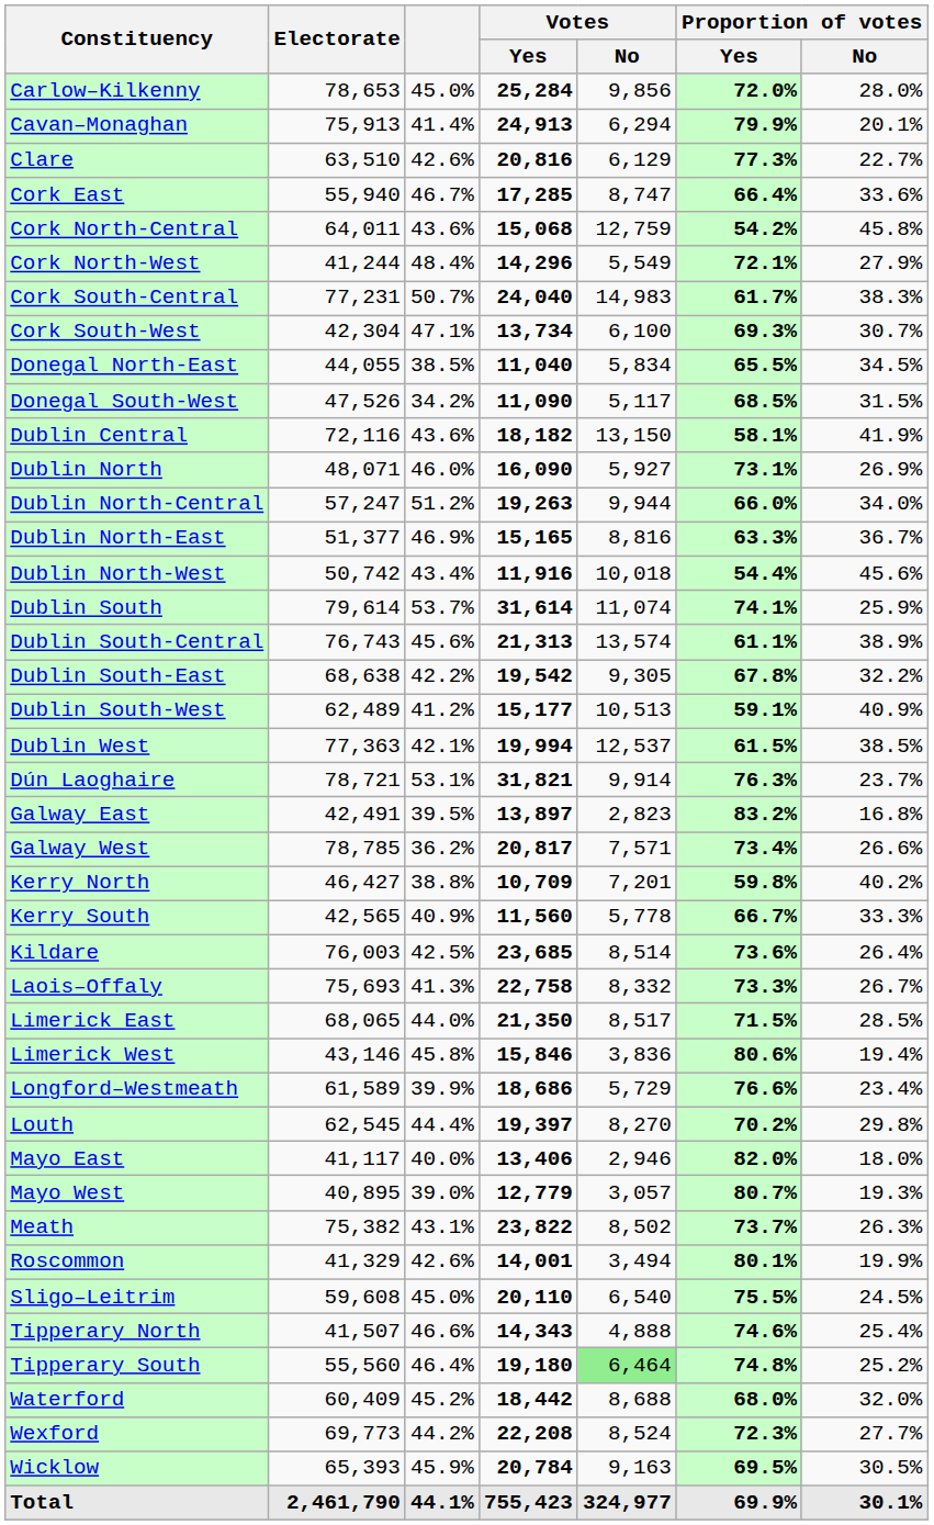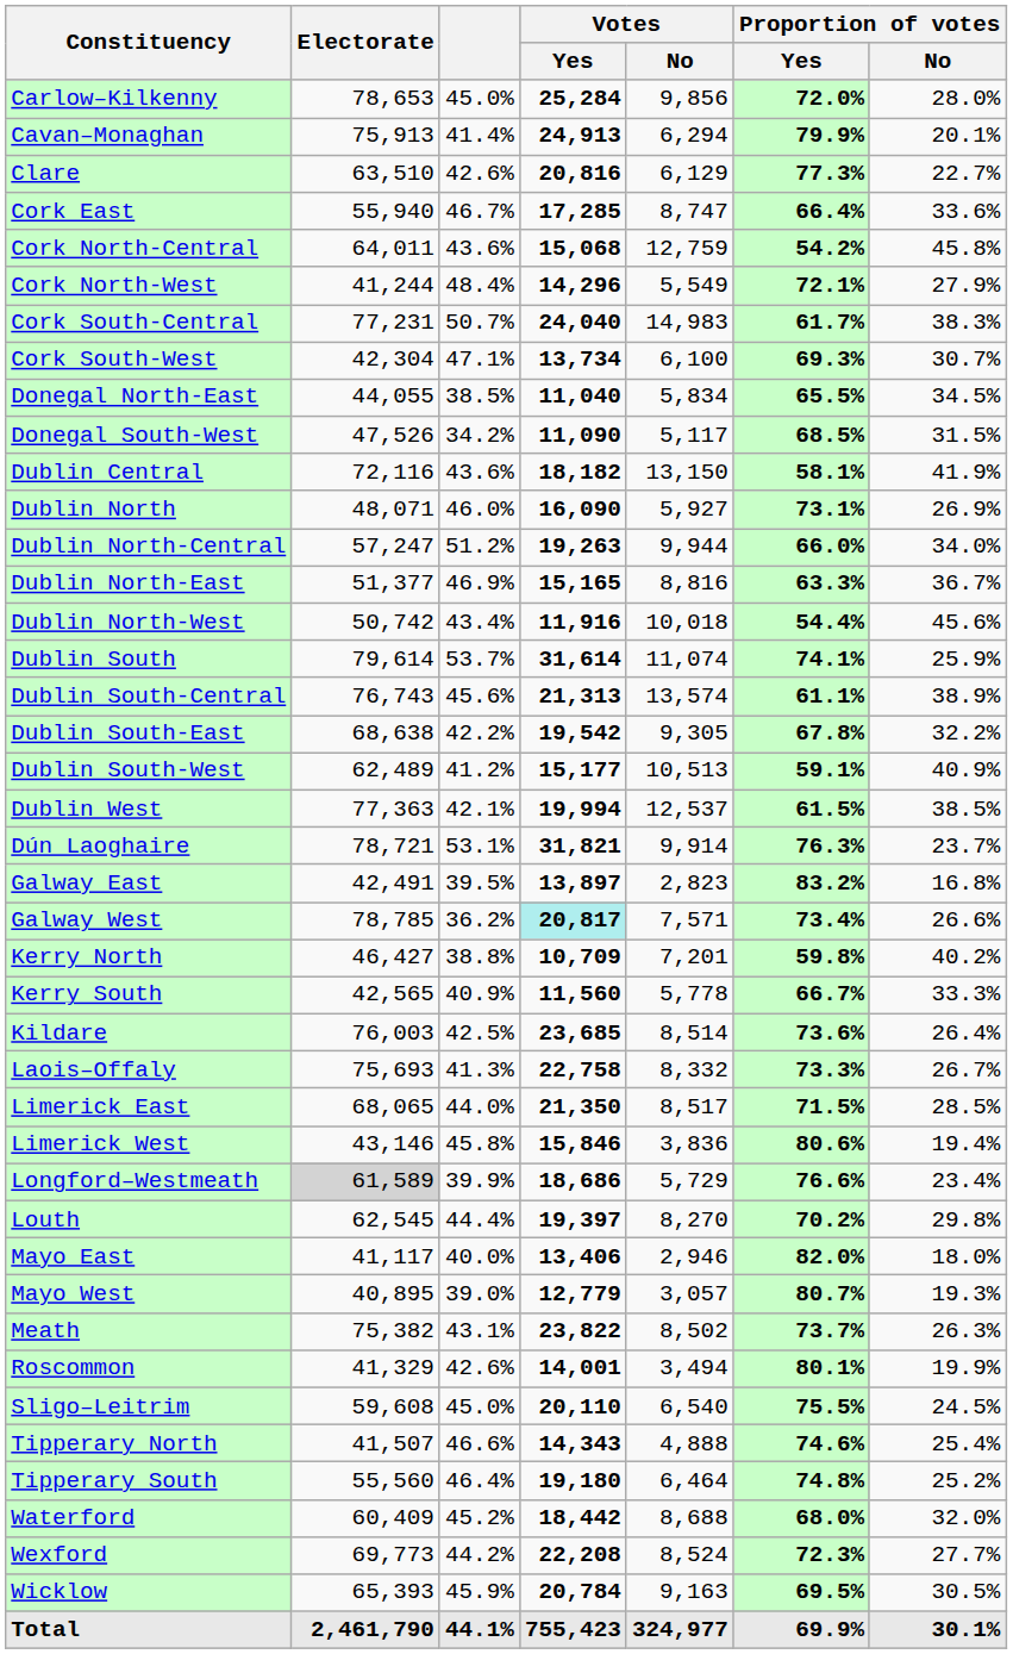 <table class="wikitable sortable">
 <tr>
 <th rowspan=2>Constituency</th>
 <th rowspan=2>Electorate</th>
 <th rowspan=2></th>
 <th colspan=2>Votes</th>
 <th colspan=2>Proportion of votes</th>
 </tr>
 <tr>
 <th>Yes</th>
 <th>No</th>
 <th>Yes</th>
 <th>No</th>
 </tr>
 <tr>
 <td style="background:#c8ffc8;"><a href='#'>Carlow–Kilkenny</a></td>
 <td style="text-align: right;">78,653</td>
 <td style="text-align: right;">45.0%</td>
 <td style="text-align: right;"><strong>25,284</strong></td>
 <td style="text-align: right;">9,856</td>
 <td style="text-align: right; background:#c8ffc8;"><strong>72.0%</strong></td>
 <td style="text-align: right;">28.0%</td>
 </tr>
 <tr>
 <td style="background:#c8ffc8;"><a href='#'>Cavan–Monaghan</a></td>
 <td style="text-align: right;">75,913</td>
 <td style="text-align: right;">41.4%</td>
 <td style="text-align: right;"><strong>24,913</strong></td>
 <td style="text-align: right;">6,294</td>
 <td style="text-align: right; background:#c8ffc8;"><strong>79.9%</strong></td>
 <td style="text-align: right;">20.1%</td>
 </tr>
 <tr>
 <td style="background:#c8ffc8;"><a href='#'>Clare</a></td>
 <td style="text-align: right;">63,510</td>
 <td style="text-align: right;">42.6%</td>
 <td style="text-align: right;"><strong>20,816</strong></td>
 <td style="text-align: right;">6,129</td>
 <td style="text-align: right; background:#c8ffc8;"><strong>77.3%</strong></td>
 <td style="text-align: right;">22.7%</td>
 </tr>
 <tr>
 <td style="background:#c8ffc8;"><a href='#'>Cork East</a></td>
 <td style="text-align: right;">55,940</td>
 <td style="text-align: right;">46.7%</td>
 <td style="text-align: right;"><strong>17,285</strong></td>
 <td style="text-align: right;">8,747</td>
 <td style="text-align: right; background:#c8ffc8;"><strong>66.4%</strong></td>
 <td style="text-align: right;">33.6%</td>
 </tr>
 <tr>
 <td style="background:#c8ffc8;"><a href='#'>Cork North-Central</a></td>
 <td style="text-align: right;">64,011</td>
 <td style="text-align: right;">43.6%</td>
 <td style="text-align: right;"><strong>15,068</strong></td>
 <td style="text-align: right;">12,759</td>
 <td style="text-align: right; background:#c8ffc8;"><strong>54.2%</strong></td>
 <td style="text-align: right;">45.8%</td>
 </tr>
 <tr>
 <td style="background:#c8ffc8;"><a href='#'>Cork North-West</a></td>
 <td style="text-align: right;">41,244</td>
 <td style="text-align: right;">48.4%</td>
 <td style="text-align: right;"><strong>14,296</strong></td>
 <td style="text-align: right;">5,549</td>
 <td style="text-align: right; background:#c8ffc8;"><strong>72.1%</strong></td>
 <td style="text-align: right;">27.9%</td>
 </tr>
 <tr>
 <td style="background:#c8ffc8;"><a href='#'>Cork South-Central</a></td>
 <td style="text-align: right;">77,231</td>
 <td style="text-align: right;">50.7%</td>
 <td style="text-align: right;"><strong>24,040</strong></td>
 <td style="text-align: right;">14,983</td>
 <td style="text-align: right; background:#c8ffc8;"><strong>61.7%</strong></td>
 <td style="text-align: right;">38.3%</td>
 </tr>
 <tr>
 <td style="background:#c8ffc8;"><a href='#'>Cork South-West</a></td>
 <td style="text-align: right;">42,304</td>
 <td style="text-align: right;">47.1%</td>
 <td style="text-align: right;"><strong>13,734</strong></td>
 <td style="text-align: right;">6,100</td>
 <td style="text-align: right; background:#c8ffc8;"><strong>69.3%</strong></td>
 <td style="text-align: right;">30.7%</td>
 </tr>
 <tr>
 <td style="background:#c8ffc8;"><a href='#'>Donegal North-East</a></td>
 <td style="text-align: right;">44,055</td>
 <td style="text-align: right;">38.5%</td>
 <td style="text-align: right;"><strong>11,040</strong></td>
 <td style="text-align: right;">5,834</td>
 <td style="text-align: right; background:#c8ffc8;"><strong>65.5%</strong></td>
 <td style="text-align: right;">34.5%</td>
 </tr>
 <tr>
 <td style="background:#c8ffc8;"><a href='#'>Donegal South-West</a></td>
 <td style="text-align: right;">47,526</td>
 <td style="text-align: right;">34.2%</td>
 <td style="text-align: right;"><strong>11,090</strong></td>
 <td style="text-align: right;">5,117</td>
 <td style="text-align: right; background:#c8ffc8;"><strong>68.5%</strong></td>
 <td style="text-align: right;">31.5%</td>
 </tr>
 <tr>
 <td style="background:#c8ffc8;"><a href='#'>Dublin Central</a></td>
 <td style="text-align: right;">72,116</td>
 <td style="text-align: right;">43.6%</td>
 <td style="text-align: right;"><strong>18,182</strong></td>
 <td style="text-align: right;">13,150</td>
 <td style="text-align: right; background:#c8ffc8;"><strong>58.1%</strong></td>
 <td style="text-align: right;">41.9%</td>
 </tr>
 <tr>
 <td style="background:#c8ffc8;"><a href='#'>Dublin North</a></td>
 <td style="text-align: right;">48,071</td>
 <td style="text-align: right;">46.0%</td>
 <td style="text-align: right;"><strong>16,090</strong></td>
 <td style="text-align: right;">5,927</td>
 <td style="text-align: right; background:#c8ffc8;"><strong>73.1%</strong></td>
 <td style="text-align: right;">26.9%</td>
 </tr>
 <tr>
 <td style="background:#c8ffc8;"><a href='#'>Dublin North-Central</a></td>
 <td style="text-align: right;">57,247</td>
 <td style="text-align: right;">51.2%</td>
 <td style="text-align: right;"><strong>19,263</strong></td>
 <td style="text-align: right;">9,944</td>
 <td style="text-align: right; background:#c8ffc8;"><strong>66.0%</strong></td>
 <td style="text-align: right;">34.0%</td>
 </tr>
 <tr>
 <td style="background:#c8ffc8;"><a href='#'>Dublin North-East</a></td>
 <td style="text-align: right;">51,377</td>
 <td style="text-align: right;">46.9%</td>
 <td style="text-align: right;"><strong>15,165</strong></td>
 <td style="text-align: right;">8,816</td>
 <td style="text-align: right; background:#c8ffc8;"><strong>63.3%</strong></td>
 <td style="text-align: right;">36.7%</td>
 </tr>
 <tr>
 <td style="background:#c8ffc8;"><a href='#'>Dublin North-West</a></td>
 <td style="text-align: right;">50,742</td>
 <td style="text-align: right;">43.4%</td>
 <td style="text-align: right;"><strong>11,916</strong></td>
 <td style="text-align: right;">10,018</td>
 <td style="text-align: right; background:#c8ffc8;"><strong>54.4%</strong></td>
 <td style="text-align: right;">45.6%</td>
 </tr>
 <tr>
 <td style="background:#c8ffc8;"><a href='#'>Dublin South</a></td>
 <td style="text-align: right;">79,614</td>
 <td style="text-align: right;">53.7%</td>
 <td style="text-align: right;"><strong>31,614</strong></td>
 <td style="text-align: right;">11,074</td>
 <td style="text-align: right; background:#c8ffc8;"><strong>74.1%</strong></td>
 <td style="text-align: right;">25.9%</td>
 </tr>
 <tr>
 <td style="background:#c8ffc8;"><a href='#'>Dublin South-Central</a></td>
 <td style="text-align: right;">76,743</td>
 <td style="text-align: right;">45.6%</td>
 <td style="text-align: right;"><strong>21,313</strong></td>
 <td style="text-align: right;">13,574</td>
 <td style="text-align: right; background:#c8ffc8;"><strong>61.1%</strong></td>
 <td style="text-align: right;">38.9%</td>
 </tr>
 <tr>
 <td style="background:#c8ffc8;"><a href='#'>Dublin South-East</a></td>
 <td style="text-align: right;">68,638</td>
 <td style="text-align: right;">42.2%</td>
 <td style="text-align: right;"><strong>19,542</strong></td>
 <td style="text-align: right;">9,305</td>
 <td style="text-align: right; background:#c8ffc8;"><strong>67.8%</strong></td>
 <td style="text-align: right;">32.2%</td>
 </tr>
 <tr>
 <td style="background:#c8ffc8;"><a href='#'>Dublin South-West</a></td>
 <td style="text-align: right;">62,489</td>
 <td style="text-align: right;">41.2%</td>
 <td style="text-align: right;"><strong>15,177</strong></td>
 <td style="text-align: right;">10,513</td>
 <td style="text-align: right; background:#c8ffc8;"><strong>59.1%</strong></td>
 <td style="text-align: right;">40.9%</td>
 </tr>
 <tr>
 <td style="background:#c8ffc8;"><a href='#'>Dublin West</a></td>
 <td style="text-align: right;">77,363</td>
 <td style="text-align: right;">42.1%</td>
 <td style="text-align: right;"><strong>19,994</strong></td>
 <td style="text-align: right;">12,537</td>
 <td style="text-align: right; background:#c8ffc8;"><strong>61.5%</strong></td>
 <td style="text-align: right;">38.5%</td>
 </tr>
 <tr>
 <td style="background:#c8ffc8;"><a href='#'>Dún Laoghaire</a></td>
 <td style="text-align: right;">78,721</td>
 <td style="text-align: right;">53.1%</td>
 <td style="text-align: right;"><strong>31,821</strong></td>
 <td style="text-align: right;">9,914</td>
 <td style="text-align: right; background:#c8ffc8;"><strong>76.3%</strong></td>
 <td style="text-align: right;">23.7%</td>
 </tr>
 <tr>
 <td style="background:#c8ffc8;"><a href='#'>Galway East</a></td>
 <td style="text-align: right;">42,491</td>
 <td style="text-align: right;">39.5%</td>
 <td style="text-align: right;"><strong>13,897</strong></td>
 <td style="text-align: right;">2,823</td>
 <td style="text-align: right; background:#c8ffc8;"><strong>83.2%</strong></td>
 <td style="text-align: right;">16.8%</td>
 </tr>
 <tr>
 <td style="background:#c8ffc8;"><a href='#'>Galway West</a></td>
 <td style="text-align: right;">78,785</td>
 <td style="text-align: right;">36.2%</td>
-<td style="text-align: right;"><strong>20,817</strong></td>
+<td style="background: paleturquoise; text-align: right;"><strong>20,817</strong></td>
 <td style="text-align: right;">7,571</td>
 <td style="text-align: right; background:#c8ffc8;"><strong>73.4%</strong></td>
 <td style="text-align: right;">26.6%</td>
 </tr>
 <tr>
 <td style="background:#c8ffc8;"><a href='#'>Kerry North</a></td>
 <td style="text-align: right;">46,427</td>
 <td style="text-align: right;">38.8%</td>
 <td style="text-align: right;"><strong>10,709</strong></td>
 <td style="text-align: right;">7,201</td>
 <td style="text-align: right; background:#c8ffc8;"><strong>59.8%</strong></td>
 <td style="text-align: right;">40.2%</td>
 </tr>
 <tr>
 <td style="background:#c8ffc8;"><a href='#'>Kerry South</a></td>
 <td style="text-align: right;">42,565</td>
 <td style="text-align: right;">40.9%</td>
 <td style="text-align: right;"><strong>11,560</strong></td>
 <td style="text-align: right;">5,778</td>
 <td style="text-align: right; background:#c8ffc8;"><strong>66.7%</strong></td>
 <td style="text-align: right;">33.3%</td>
 </tr>
 <tr>
 <td style="background:#c8ffc8;"><a href='#'>Kildare</a></td>
 <td style="text-align: right;">76,003</td>
 <td style="text-align: right;">42.5%</td>
 <td style="text-align: right;"><strong>23,685</strong></td>
 <td style="text-align: right;">8,514</td>
 <td style="text-align: right; background:#c8ffc8;"><strong>73.6%</strong></td>
 <td style="text-align: right;">26.4%</td>
 </tr>
 <tr>
 <td style="background:#c8ffc8;"><a href='#'>Laois–Offaly</a></td>
 <td style="text-align: right;">75,693</td>
 <td style="text-align: right;">41.3%</td>
 <td style="text-align: right;"><strong>22,758</strong></td>
 <td style="text-align: right;">8,332</td>
 <td style="text-align: right; background:#c8ffc8;"><strong>73.3%</strong></td>
 <td style="text-align: right;">26.7%</td>
 </tr>
 <tr>
 <td style="background:#c8ffc8;"><a href='#'>Limerick East</a></td>
 <td style="text-align: right;">68,065</td>
 <td style="text-align: right;">44.0%</td>
 <td style="text-align: right;"><strong>21,350</strong></td>
 <td style="text-align: right;">8,517</td>
 <td style="text-align: right; background:#c8ffc8;"><strong>71.5%</strong></td>
 <td style="text-align: right;">28.5%</td>
 </tr>
 <tr>
 <td style="background:#c8ffc8;"><a href='#'>Limerick West</a></td>
 <td style="text-align: right;">43,146</td>
 <td style="text-align: right;">45.8%</td>
 <td style="text-align: right;"><strong>15,846</strong></td>
 <td style="text-align: right;">3,836</td>
 <td style="text-align: right; background:#c8ffc8;"><strong>80.6%</strong></td>
 <td style="text-align: right;">19.4%</td>
 </tr>
 <tr>
 <td style="background:#c8ffc8;"><a href='#'>Longford–Westmeath</a></td>
-<td style="text-align: right;">61,589</td>
+<td style="background: lightgrey; text-align: right;">61,589</td>
 <td style="text-align: right;">39.9%</td>
 <td style="text-align: right;"><strong>18,686</strong></td>
 <td style="text-align: right;">5,729</td>
 <td style="text-align: right; background:#c8ffc8;"><strong>76.6%</strong></td>
 <td style="text-align: right;">23.4%</td>
 </tr>
 <tr>
 <td style="background:#c8ffc8;"><a href='#'>Louth</a></td>
 <td style="text-align: right;">62,545</td>
 <td style="text-align: right;">44.4%</td>
 <td style="text-align: right;"><strong>19,397</strong></td>
 <td style="text-align: right;">8,270</td>
 <td style="text-align: right; background:#c8ffc8;"><strong>70.2%</strong></td>
 <td style="text-align: right;">29.8%</td>
 </tr>
 <tr>
 <td style="background:#c8ffc8;"><a href='#'>Mayo East</a></td>
 <td style="text-align: right;">41,117</td>
 <td style="text-align: right;">40.0%</td>
 <td style="text-align: right;"><strong>13,406</strong></td>
 <td style="text-align: right;">2,946</td>
 <td style="text-align: right; background:#c8ffc8;"><strong>82.0%</strong></td>
 <td style="text-align: right;">18.0%</td>
 </tr>
 <tr>
 <td style="background:#c8ffc8;"><a href='#'>Mayo West</a></td>
 <td style="text-align: right;">40,895</td>
 <td style="text-align: right;">39.0%</td>
 <td style="text-align: right;"><strong>12,779</strong></td>
 <td style="text-align: right;">3,057</td>
 <td style="text-align: right; background:#c8ffc8;"><strong>80.7%</strong></td>
 <td style="text-align: right;">19.3%</td>
 </tr>
 <tr>
 <td style="background:#c8ffc8;"><a href='#'>Meath</a></td>
 <td style="text-align: right;">75,382</td>
 <td style="text-align: right;">43.1%</td>
 <td style="text-align: right;"><strong>23,822</strong></td>
 <td style="text-align: right;">8,502</td>
 <td style="text-align: right; background:#c8ffc8;"><strong>73.7%</strong></td>
 <td style="text-align: right;">26.3%</td>
 </tr>
 <tr>
 <td style="background:#c8ffc8;"><a href='#'>Roscommon</a></td>
 <td style="text-align: right;">41,329</td>
 <td style="text-align: right;">42.6%</td>
 <td style="text-align: right;"><strong>14,001</strong></td>
 <td style="text-align: right;">3,494</td>
 <td style="text-align: right; background:#c8ffc8;"><strong>80.1%</strong></td>
 <td style="text-align: right;">19.9%</td>
 </tr>
 <tr>
 <td style="background:#c8ffc8;"><a href='#'>Sligo–Leitrim</a></td>
 <td style="text-align: right;">59,608</td>
 <td style="text-align: right;">45.0%</td>
 <td style="text-align: right;"><strong>20,110</strong></td>
 <td style="text-align: right;">6,540</td>
 <td style="text-align: right; background:#c8ffc8;"><strong>75.5%</strong></td>
 <td style="text-align: right;">24.5%</td>
 </tr>
 <tr>
 <td style="background:#c8ffc8;"><a href='#'>Tipperary North</a></td>
 <td style="text-align: right;">41,507</td>
 <td style="text-align: right;">46.6%</td>
 <td style="text-align: right;"><strong>14,343</strong></td>
 <td style="text-align: right;">4,888</td>
 <td style="text-align: right; background:#c8ffc8;"><strong>74.6%</strong></td>
 <td style="text-align: right;">25.4%</td>
 </tr>
 <tr>
 <td style="background:#c8ffc8;"><a href='#'>Tipperary South</a></td>
 <td style="text-align: right;">55,560</td>
 <td style="text-align: right;">46.4%</td>
 <td style="text-align: right;"><strong>19,180</strong></td>
-<td style="background: lightgreen; text-align: right;">6,464</td>
+<td style="text-align: right;">6,464</td>
 <td style="text-align: right; background:#c8ffc8;"><strong>74.8%</strong></td>
 <td style="text-align: right;">25.2%</td>
 </tr>
 <tr>
 <td style="background:#c8ffc8;"><a href='#'>Waterford</a></td>
 <td style="text-align: right;">60,409</td>
 <td style="text-align: right;">45.2%</td>
 <td style="text-align: right;"><strong>18,442</strong></td>
 <td style="text-align: right;">8,688</td>
 <td style="text-align: right; background:#c8ffc8;"><strong>68.0%</strong></td>
 <td style="text-align: right;">32.0%</td>
 </tr>
 <tr>
 <td style="background:#c8ffc8;"><a href='#'>Wexford</a></td>
 <td style="text-align: right;">69,773</td>
 <td style="text-align: right;">44.2%</td>
 <td style="text-align: right;"><strong>22,208</strong></td>
 <td style="text-align: right;">8,524</td>
 <td style="text-align: right; background:#c8ffc8;"><strong>72.3%</strong></td>
 <td style="text-align: right;">27.7%</td>
 </tr>
 <tr>
 <td style="background:#c8ffc8;"><a href='#'>Wicklow</a></td>
 <td style="text-align: right;">65,393</td>
 <td style="text-align: right;">45.9%</td>
 <td style="text-align: right;"><strong>20,784</strong></td>
 <td style="text-align: right;">9,163</td>
 <td style="text-align: right; background:#c8ffc8;"><strong>69.5%</strong></td>
 <td style="text-align: right;">30.5%</td>
 </tr>
 <tr class="sortbottom" style="font-weight:bold; background:rgb(232,232,232);">
 <td>Total</td>
 <td style="text-align: right;">2,461,790</td>
 <td style="text-align: right;">44.1%</td>
 <td style="text-align: right;">755,423</td>
 <td style="text-align: right;">324,977</td>
 <td style="text-align: right;">69.9%</td>
 <td style="text-align: right;">30.1%</td>
 </tr>
 </table>
